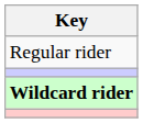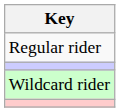 <table class="wikitable" style="font-size: 85%;">
 <tr>
 <th>Key</th>
 </tr>
 <tr>
 <td>Regular rider</td>
 </tr>
 <tr style="background:#CCCCFF;">
 <td></td>
 </tr>
 <tr style="background:#CCFFCC;">
-<td><strong>Wildcard rider</strong></td>
+<td>Wildcard rider</td>
 </tr>
 <tr style="background:#FFCCCC;">
 <td></td>
 </tr>
 </table>
